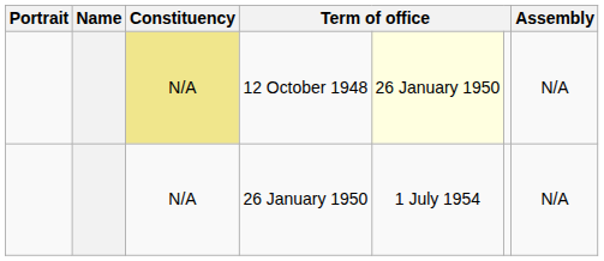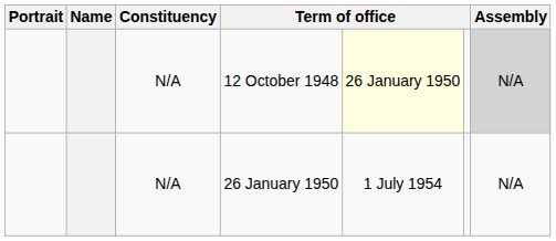 <table class="wikitable sortable" style="text-align:center">
 <tr>
 <th class="unsortable" scope="col">Portrait</th>
 <th class="sortable" scope="col">Name</th>
 <th scope="col">Constituency</th>
 <th colspan="3" scope="colgroup">Term of office</th>
 <th scope="col">Assembly</th>
 </tr>
 <tr align=center>
 <td align="center" height="100px"></td>
 <th scope="row"></th>
-<td style="background: khaki;">N/A</td>
+<td>N/A</td>
 <td>12 October 1948</td>
 <td style="background: lightyellow;">26 January 1950</td>
 <td></td>
-<td>N/A</td>
+<td style="background: lightgrey;">N/A</td>
 </tr>
 <tr align=center>
 <td align="center" height="100px"></td>
 <th scope="row"></th>
 <td>N/A</td>
 <td>26 January 1950</td>
 <td>1 July 1954</td>
 <td></td>
 <td>N/A</td>
 </tr>
 </table>
